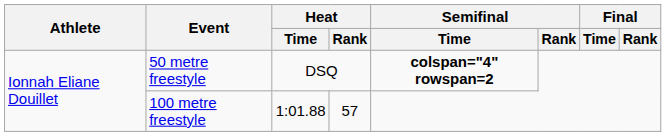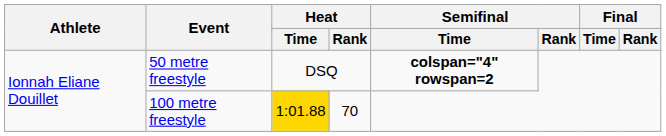 <table class="wikitable" style="text-align:center; font-size:90%; width:50%;">
 <tr>
 <th rowspan="2">Athlete</th>
 <th rowspan="2">Event</th>
 <th colspan="2">Heat</th>
 <th colspan="2">Semifinal</th>
 <th colspan="2">Final</th>
 </tr>
 <tr style="font-size:95%">
 <th>Time</th>
 <th>Rank</th>
 <th>Time</th>
 <th>Rank</th>
 <th>Time</th>
 <th>Rank</th>
 </tr>
 <tr>
 <td align=left rowspan=2><a href='#'>Ionnah Eliane Douillet</a></td>
 <td align=left><a href='#'>50 metre freestyle</a></td>
 <td colspan="2">DSQ</td>
 <td><strong>colspan="4" rowspan=2</strong></td>
 </tr>
 <tr>
 <td align=left><a href='#'>100 metre freestyle</a></td>
-<td>1:01.88</td>
-<td>57</td>
+<td style="background: gold;">1:01.88</td>
+<td>70</td>
 </tr>
 </table>
